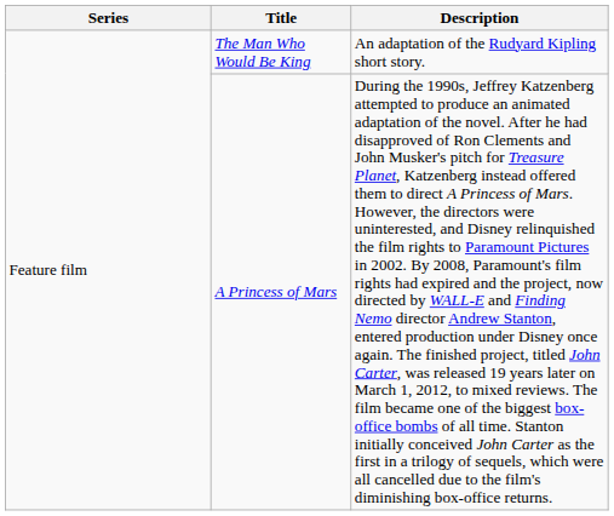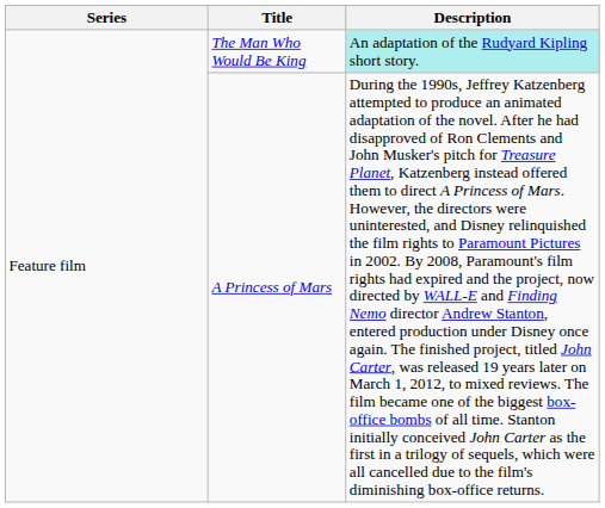 <table class="wikitable">
 <tr>
 <th style="width:150pt;">Series</th>
 <th style="width:100pt;">Title</th>
 <th>Description</th>
 </tr>
 <tr>
 <td rowspan="2">Feature film</td>
 <td><em><a href='#'>The Man Who Would Be King</a></em></td>
-<td>An adaptation of the <a href='#'>Rudyard Kipling</a> short story.</td>
+<td style="background: paleturquoise;">An adaptation of the <a href='#'>Rudyard Kipling</a> short story.</td>
 </tr>
 <tr>
 <td><em><a href='#'>A Princess of Mars</a></em></td>
 <td>During the 1990s, Jeffrey Katzenberg attempted to produce an animated adaptation of the novel. After he had disapproved of Ron Clements and John Musker's pitch for <em><a href='#'>Treasure Planet</a></em>, Katzenberg instead offered them to direct <em>A Princess of Mars</em>. However, the directors were uninterested, and Disney relinquished the film rights to <a href='#'>Paramount Pictures</a> in 2002. By 2008, Paramount's film rights had expired and the project, now directed by <em><a href='#'>WALL-E</a></em> and <em><a href='#'>Finding Nemo</a></em> director <a href='#'>Andrew Stanton</a>, entered production under Disney once again. The finished project, titled <em><a href='#'>John Carter</a></em>, was released 19 years later on March 1, 2012, to mixed reviews. The film became one of the biggest <a href='#'>box-office bombs</a> of all time. Stanton initially conceived <em>John Carter</em> as the first in a trilogy of sequels, which were all cancelled due to the film's diminishing box-office returns.</td>
 </tr>
 </table>
